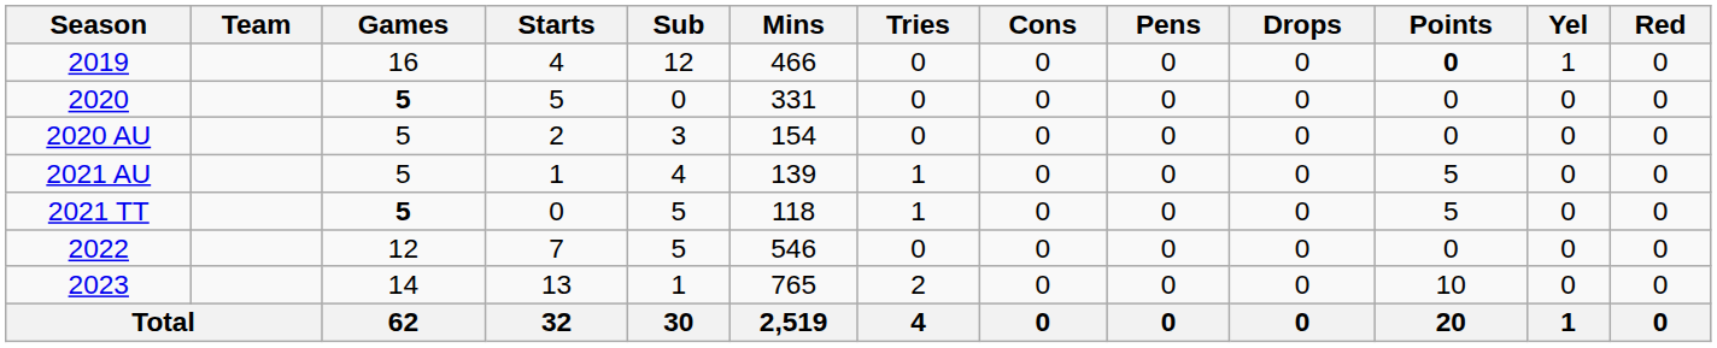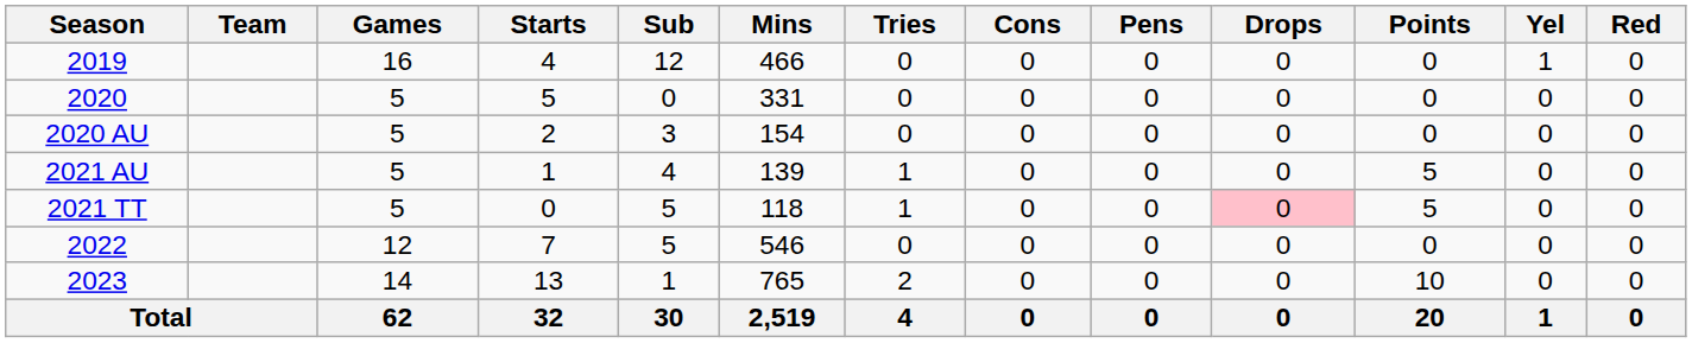 <table class="wikitable" style="text-align:center; line-height:90%; font-size:95%; width:60%;">
 <tr>
 <th>Season</th>
 <th>Team</th>
 <th>Games</th>
 <th>Starts</th>
 <th>Sub</th>
 <th>Mins</th>
 <th>Tries</th>
 <th>Cons</th>
 <th>Pens</th>
 <th>Drops</th>
 <th>Points</th>
 <th>Yel</th>
 <th>Red</th>
 </tr>
 <tr>
 <td><a href='#'>2019</a></td>
 <td></td>
 <td>16</td>
 <td>4</td>
 <td>12</td>
 <td>466</td>
 <td>0</td>
 <td>0</td>
 <td>0</td>
 <td>0</td>
-<td><strong>0</strong></td>
+<td>0</td>
 <td>1</td>
 <td>0</td>
 </tr>
 <tr>
 <td><a href='#'>2020</a></td>
 <td></td>
-<td><strong>5</strong></td>
+<td>5</td>
 <td>5</td>
 <td>0</td>
 <td>331</td>
 <td>0</td>
 <td>0</td>
 <td>0</td>
 <td>0</td>
 <td>0</td>
 <td>0</td>
 <td>0</td>
 </tr>
 <tr>
 <td><a href='#'>2020 AU</a></td>
 <td></td>
 <td>5</td>
 <td>2</td>
 <td>3</td>
 <td>154</td>
 <td>0</td>
 <td>0</td>
 <td>0</td>
 <td>0</td>
 <td>0</td>
 <td>0</td>
 <td>0</td>
 </tr>
 <tr>
 <td><a href='#'>2021 AU</a></td>
 <td></td>
 <td>5</td>
 <td>1</td>
 <td>4</td>
 <td>139</td>
 <td>1</td>
 <td>0</td>
 <td>0</td>
 <td>0</td>
 <td>5</td>
 <td>0</td>
 <td>0</td>
 </tr>
 <tr>
 <td><a href='#'>2021 TT</a></td>
 <td></td>
-<td><strong>5</strong></td>
+<td>5</td>
 <td>0</td>
 <td>5</td>
 <td>118</td>
 <td>1</td>
 <td>0</td>
 <td>0</td>
-<td>0</td>
+<td style="background: pink;">0</td>
 <td>5</td>
 <td>0</td>
 <td>0</td>
 </tr>
 <tr>
 <td><a href='#'>2022</a></td>
 <td></td>
 <td>12</td>
 <td>7</td>
 <td>5</td>
 <td>546</td>
 <td>0</td>
 <td>0</td>
 <td>0</td>
 <td>0</td>
 <td>0</td>
 <td>0</td>
 <td>0</td>
 </tr>
 <tr>
 <td><a href='#'>2023</a></td>
 <td></td>
 <td>14</td>
 <td>13</td>
 <td>1</td>
 <td>765</td>
 <td>2</td>
 <td>0</td>
 <td>0</td>
 <td>0</td>
 <td>10</td>
 <td>0</td>
 <td>0</td>
 </tr>
 <tr>
 <th colspan="2">Total</th>
 <th>62</th>
 <th>32</th>
 <th>30</th>
 <th>2,519</th>
 <th>4</th>
 <th>0</th>
 <th>0</th>
 <th>0</th>
 <th>20</th>
 <th>1</th>
 <th>0</th>
 </tr>
 </table>
